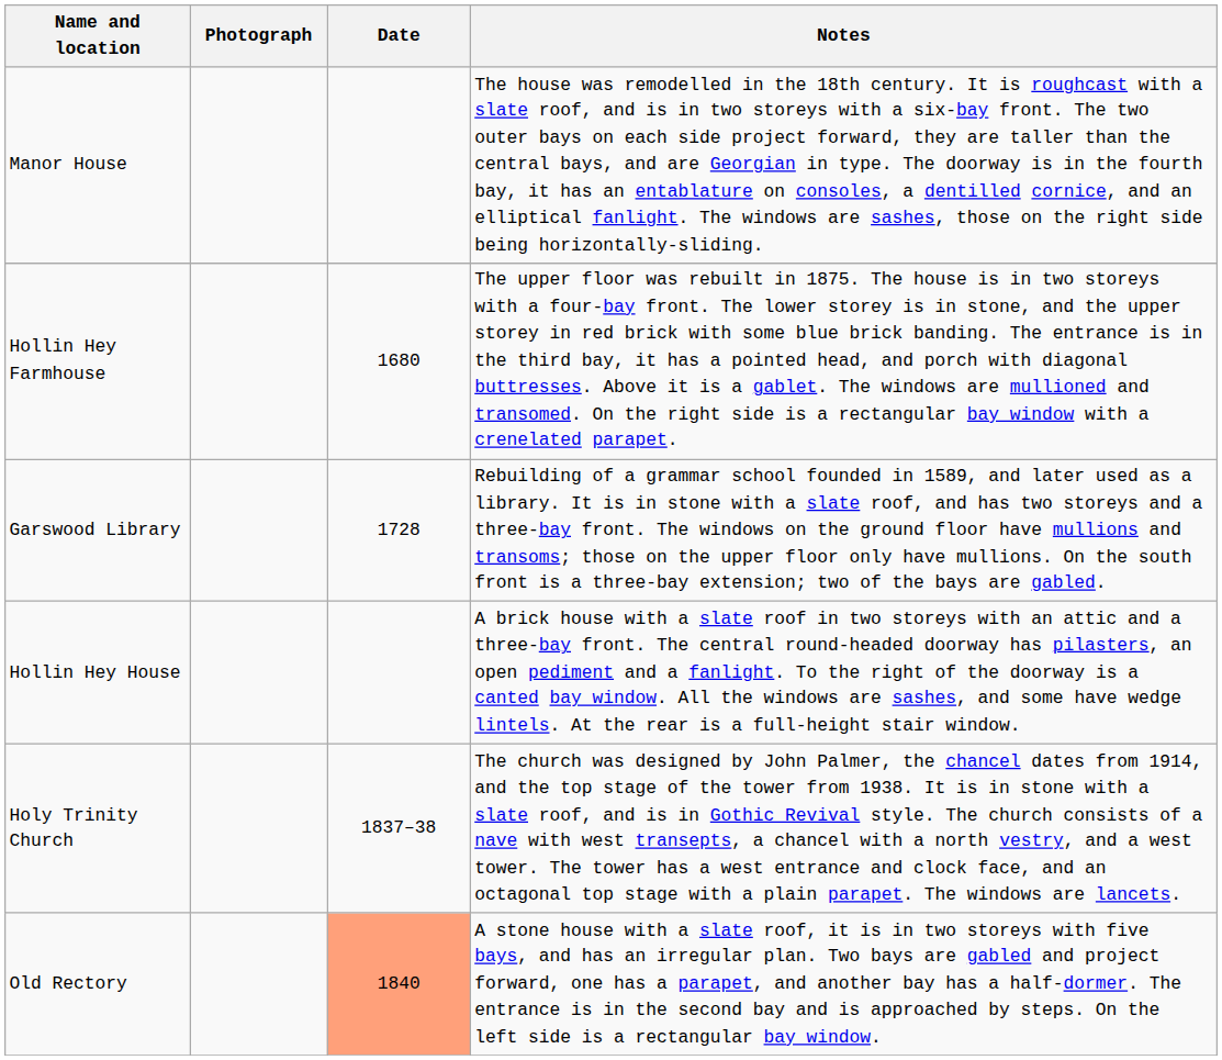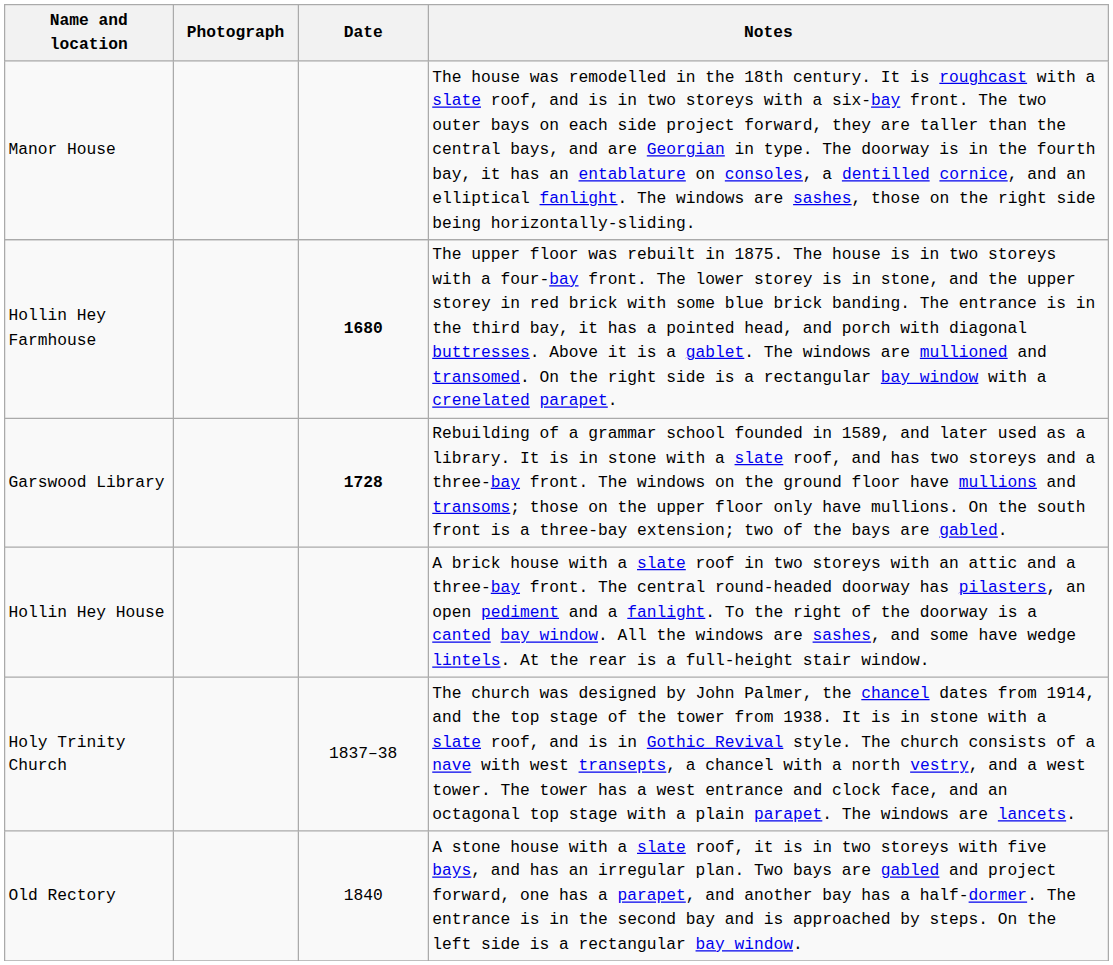 <table class="wikitable sortable plainrowheaders" style="width:100%;border:0px;text-align:left;line-height:150%;">
 <tr>
 <th scope="col"  style="width:150px">Name and location</th>
 <th scope="col"  style="width:100px" class="unsortable">Photograph</th>
 <th scope="col"  style="width:120px">Date</th>
 <th scope="col"  style="width:700px" class="unsortable">Notes</th>
 </tr>
 <tr>
 <td>Manor House<br><small></small></td>
 <td></td>
 <td align="center"></td>
 <td>The house was remodelled in the 18th century.  It is <a href='#'>roughcast</a> with a <a href='#'>slate</a> roof, and is in two storeys with a six-<a href='#'>bay</a> front.  The two outer bays on each side project forward, they are taller than the central bays, and are <a href='#'>Georgian</a> in type.  The doorway is in the fourth bay, it has an <a href='#'>entablature</a> on <a href='#'>consoles</a>, a <a href='#'>dentilled</a> <a href='#'>cornice</a>, and an elliptical <a href='#'>fanlight</a>.  The windows are <a href='#'>sashes</a>, those on the right side being horizontally-sliding.</td>
 </tr>
 <tr>
 </tr>
 <tr>
 <td>Hollin Hey Farmhouse<br><small></small></td>
 <td></td>
-<td align="center">1680</td>
+<td align="center"><strong>1680</strong></td>
 <td>The upper floor was rebuilt in 1875.  The house is in two storeys with a four-<a href='#'>bay</a> front.  The lower storey is in stone, and the upper storey in red brick with some blue brick banding.  The entrance is in the third bay, it has a pointed head, and porch with diagonal <a href='#'>buttresses</a>.  Above it is a <a href='#'>gablet</a>.  The windows are <a href='#'>mullioned</a> and <a href='#'>transomed</a>.  On the right side is a rectangular <a href='#'>bay window</a> with a <a href='#'>crenelated</a> <a href='#'>parapet</a>.</td>
 </tr>
 <tr>
 <td>Garswood Library<br><small></small></td>
 <td></td>
-<td align="center">1728</td>
+<td align="center"><strong>1728</strong></td>
 <td>Rebuilding of a grammar school founded in 1589, and later used as a library.  It is in stone with a <a href='#'>slate</a> roof, and has two storeys and a three-<a href='#'>bay</a> front.  The windows on the ground floor have <a href='#'>mullions</a> and <a href='#'>transoms</a>; those on the upper floor only have mullions.  On the south front is a three-bay extension; two of the bays are <a href='#'>gabled</a>.</td>
 </tr>
 <tr>
 <td>Hollin Hey House<br><small></small></td>
 <td></td>
 <td align="center"></td>
 <td>A brick house with a <a href='#'>slate</a> roof in two storeys with an attic and a three-<a href='#'>bay</a> front.  The central round-headed doorway has <a href='#'>pilasters</a>, an open <a href='#'>pediment</a> and a <a href='#'>fanlight</a>.  To the right of the doorway is a <a href='#'>canted</a> <a href='#'>bay window</a>.  All the windows are <a href='#'>sashes</a>, and some have wedge <a href='#'>lintels</a>.  At the rear is a full-height stair window.</td>
 </tr>
 <tr>
 <td>Holy Trinity Church<br><small></small></td>
 <td></td>
 <td align="center">1837–38</td>
 <td>The church was designed by John Palmer, the <a href='#'>chancel</a> dates from 1914, and the top stage of the tower from 1938.  It is in stone with a <a href='#'>slate</a> roof, and is in <a href='#'>Gothic Revival</a> style.  The church consists of a <a href='#'>nave</a> with west <a href='#'>transepts</a>, a chancel with a north <a href='#'>vestry</a>, and a west tower.  The tower has a west entrance and clock face, and an octagonal top stage with a plain <a href='#'>parapet</a>.  The windows are <a href='#'>lancets</a>.</td>
 </tr>
 <tr>
 <td>Old Rectory<br><small></small></td>
 <td></td>
-<td align="center" style="background: lightsalmon;">1840</td>
+<td align="center">1840</td>
 <td>A stone house with a <a href='#'>slate</a> roof, it is in two storeys with five <a href='#'>bays</a>, and has an irregular plan.  Two bays are <a href='#'>gabled</a> and project forward, one has a <a href='#'>parapet</a>, and another bay has a half-<a href='#'>dormer</a>.  The entrance is in the second bay and is approached by steps.  On the left side is a rectangular <a href='#'>bay window</a>.</td>
 </tr>
 <tr>
 </tr>
 </table>
